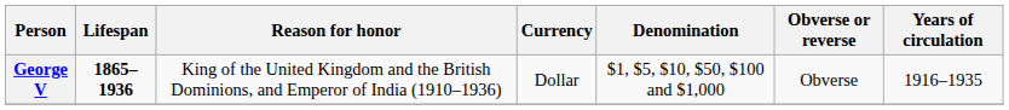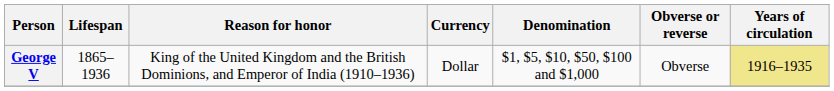 <table class="wikitable" style="font-size:95%; text-align:center;">
 <tr>
 <th>Person</th>
 <th>Lifespan</th>
 <th>Reason for honor</th>
 <th>Currency</th>
 <th>Denomination</th>
 <th>Obverse or reverse</th>
 <th>Years of circulation</th>
 </tr>
 <tr>
 <th><a href='#'>George V</a></th>
-<td><strong>1865–1936</strong></td>
+<td>1865–1936</td>
 <td>King of the United Kingdom and the British Dominions, and Emperor of India (1910–1936)</td>
 <td>Dollar</td>
 <td>$1, $5, $10, $50, $100 and $1,000</td>
 <td>Obverse</td>
-<td>1916–1935</td>
+<td style="background: khaki;">1916–1935</td>
 </tr>
 <tr>
 </tr>
 </table>
